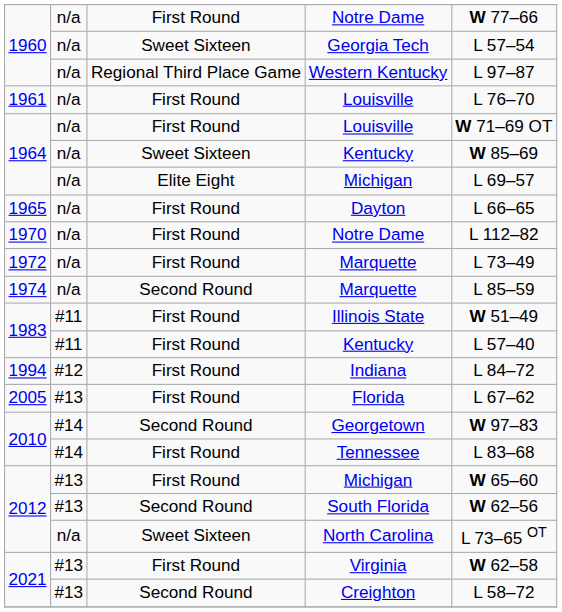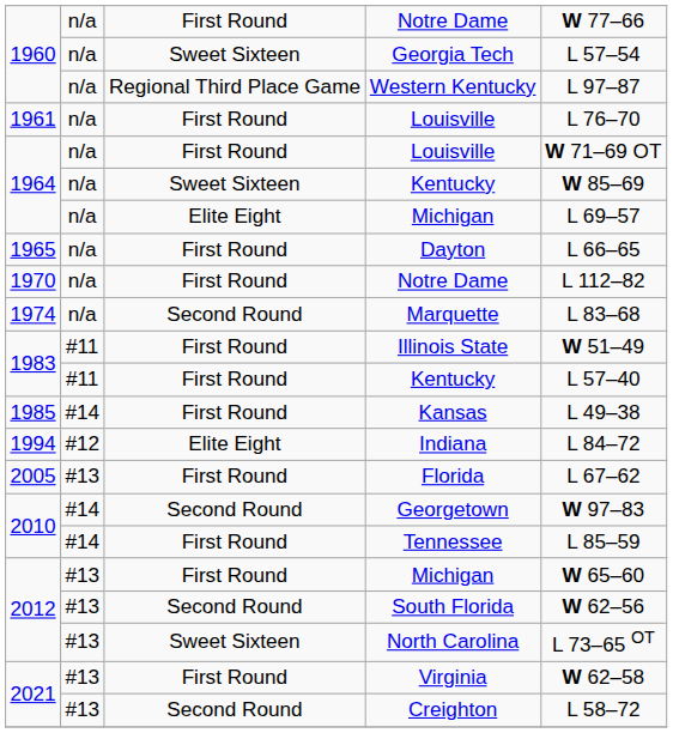 <table class="wikitable" style="text-align:center">
 <tr>
 </tr>
 <tr>
 <td rowspan=3><a href='#'>1960</a></td>
 <td>n/a</td>
 <td>First Round</td>
 <td><a href='#'>Notre Dame</a></td>
 <td><strong>W</strong> 77–66</td>
 </tr>
 <tr style="text-align:center;">
 <td>n/a</td>
 <td>Sweet Sixteen</td>
 <td><a href='#'>Georgia Tech</a></td>
 <td>L 57–54</td>
 </tr>
 <tr style="text-align:center;">
 <td>n/a</td>
 <td>Regional Third Place Game</td>
 <td><a href='#'>Western Kentucky</a></td>
 <td>L 97–87</td>
 </tr>
 <tr style="text-align:center;">
 <td rowspan=1><a href='#'>1961</a></td>
 <td>n/a</td>
 <td>First Round</td>
 <td><a href='#'>Louisville</a></td>
 <td>L 76–70</td>
 </tr>
 <tr style="text-align:center;">
 <td rowspan=3><a href='#'>1964</a></td>
 <td>n/a</td>
 <td>First Round</td>
 <td><a href='#'>Louisville</a></td>
 <td><strong>W</strong> 71–69 OT</td>
 </tr>
 <tr style="text-align:center;">
 <td>n/a</td>
 <td>Sweet Sixteen</td>
 <td><a href='#'>Kentucky</a></td>
 <td><strong>W</strong> 85–69</td>
 </tr>
 <tr style="text-align:center;">
 <td>n/a</td>
 <td>Elite Eight</td>
 <td><a href='#'>Michigan</a></td>
 <td>L 69–57</td>
 </tr>
 <tr style="text-align:center:">
 <td rowspan=1><a href='#'>1965</a></td>
 <td>n/a</td>
 <td>First Round</td>
 <td><a href='#'>Dayton</a></td>
 <td>L 66–65</td>
 </tr>
 <tr style="text-align:center;">
 <td rowspan=1><a href='#'>1970</a></td>
 <td>n/a</td>
 <td>First Round</td>
 <td><a href='#'>Notre Dame</a></td>
 <td>L 112–82</td>
 </tr>
 <tr style="text-align:center;">
-<td rowspan=1><a href='#'>1972</a></td>
-<td>n/a</td>
-<td>First Round</td>
-<td><a href='#'>Marquette</a></td>
-<td>L 73–49</td>
-</tr>
-<tr style="text-align:center;">
 <td rowspan=1><a href='#'>1974</a></td>
 <td>n/a</td>
 <td>Second Round</td>
 <td><a href='#'>Marquette</a></td>
-<td>L 85–59</td>
+<td>L 83–68</td>
 </tr>
 <tr style="text-align:center;">
 <td rowspan=2><a href='#'>1983</a></td>
 <td>#11</td>
 <td>First Round</td>
 <td><a href='#'>Illinois State</a></td>
 <td><strong>W</strong> 51–49</td>
 </tr>
 <tr style="text-align:center;">
 <td>#11</td>
 <td>First Round</td>
 <td><a href='#'>Kentucky</a></td>
 <td>L 57–40</td>
 </tr>
 <tr style="text-align:center;">
+<td rowspan=1><a href='#'>1985</a></td>
+<td>#14</td>
+<td>First Round</td>
+<td><a href='#'>Kansas</a></td>
+<td>L 49–38</td>
+</tr>
+<tr style="text-align:center;">
 <td rowspan=1><a href='#'>1994</a></td>
 <td>#12</td>
-<td>First Round</td>
+<td>Elite Eight</td>
 <td><a href='#'>Indiana</a></td>
 <td>L 84–72</td>
 </tr>
 <tr style="text-align:center;">
 <td rowspan=1><a href='#'>2005</a></td>
 <td>#13</td>
 <td>First Round</td>
 <td><a href='#'>Florida</a></td>
 <td>L 67–62</td>
 </tr>
 <tr style="text-align:center;">
 <td rowspan=2><a href='#'>2010</a></td>
 <td>#14</td>
 <td>Second Round</td>
 <td><a href='#'>Georgetown</a></td>
 <td><strong>W</strong> 97–83</td>
 </tr>
 <tr style="text-align:center;">
 <td>#14</td>
 <td>First Round</td>
 <td><a href='#'>Tennessee</a></td>
-<td>L 83–68</td>
+<td>L 85–59</td>
 </tr>
 <tr style="text-align:center;">
 <td rowspan=3><a href='#'>2012</a></td>
 <td>#13</td>
 <td>First Round</td>
 <td><a href='#'>Michigan</a></td>
 <td><strong>W</strong> 65–60</td>
 </tr>
 <tr style=;"text-align:center;">
 <td>#13</td>
 <td>Second Round</td>
 <td><a href='#'>South Florida</a></td>
 <td><strong>W</strong> 62–56</td>
 </tr>
 <tr style="text-align:center;">
-<td>n/a</td>
+<td>#13</td>
 <td>Sweet Sixteen</td>
 <td><a href='#'>North Carolina</a></td>
 <td>L 73–65 <sup>OT</sup></td>
 </tr>
 <tr style="text-align:center;">
 <td rowspan=2><a href='#'>2021</a></td>
 <td>#13</td>
 <td>First Round</td>
 <td><a href='#'>Virginia</a></td>
 <td><strong>W</strong> 62–58</td>
 </tr>
 <tr style="text-align:center;">
 <td>#13</td>
 <td>Second Round</td>
 <td><a href='#'>Creighton</a></td>
 <td>L 58–72</td>
 </tr>
 <tr style=;"text-align:center;">
 </tr>
 </table>
